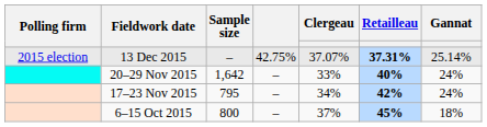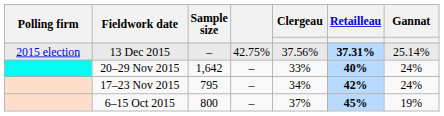 <table class="wikitable sortable" style="text-align:center;font-size:90%;line-height:14px;">
 <tr style="height:40px;">
 <th style="width:100px;" rowspan="2">Polling firm</th>
 <th style="width:110px;" rowspan="2">Fieldwork date</th>
 <th style="width:35px;" rowspan="2">Sample<br>size</th>
 <th style="width:30px;" rowspan="2"></th>
 <th class="unsortable" style="width:60px;">Clergeau<br></th>
 <th class="unsortable" style="width:60px;"><a href='#'>Retailleau</a><br></th>
 <th class="unsortable" style="width:60px;">Gannat<br></th>
 </tr>
 <tr>
 <th style="background:"></th>
 <th style="background:"></th>
 <th style="background:"></th>
 </tr>
 <tr style="background:#E9E9E9;">
 <td><a href='#'>2015 election</a></td>
 <td data-sort-value="2015-12-13">13 Dec 2015</td>
 <td>–</td>
 <td>42.75%</td>
-<td>37.07%</td>
+<td>37.56%</td>
 <td style="background:#B9DAFF;"><strong>37.31%</strong></td>
 <td>25.14%</td>
 </tr>
 <tr>
 <td style="background:#04FBF4;"></td>
 <td data-sort-value="2015-11-29">20–29 Nov 2015</td>
 <td>1,642</td>
 <td>–</td>
 <td>33%</td>
 <td style="background:#B9DAFF;"><strong>40%</strong></td>
 <td>24%</td>
 </tr>
 <tr>
 <td style="background:#FFDFCC;"></td>
 <td data-sort-value="2015-11-23">17–23 Nov 2015</td>
 <td>795</td>
 <td>–</td>
 <td>34%</td>
 <td style="background:#B9DAFF;"><strong>42%</strong></td>
 <td>24%</td>
 </tr>
 <tr>
 <td style="background:#FFDFCC;"></td>
 <td data-sort-value="2015-10-15">6–15 Oct 2015</td>
 <td>800</td>
 <td>–</td>
 <td>37%</td>
 <td style="background:#B9DAFF;"><strong>45%</strong></td>
-<td>18%</td>
+<td>19%</td>
 </tr>
 </table>
